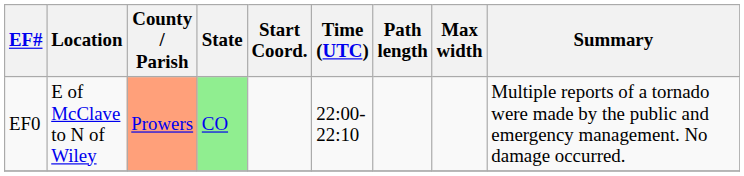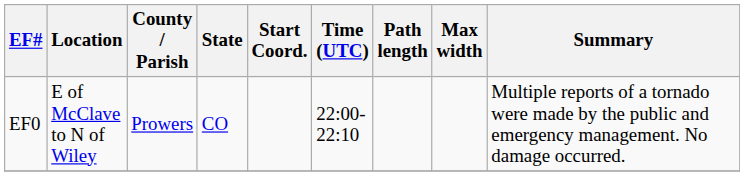 <table class="wikitable sortable" style="width:100%;">
 <tr>
 <th scope="col"  style="width:3%; text-align:center;"><a href='#'>EF#</a></th>
 <th scope="col"  style="width:7%; text-align:center;" class="unsortable">Location</th>
 <th scope="col"  style="width:6%; text-align:center;" class="unsortable">County / Parish</th>
 <th scope="col"  style="width:5%; text-align:center;">State</th>
 <th scope="col"  style="width:6%; text-align:center;">Start Coord.</th>
 <th scope="col"  style="width:6%; text-align:center;">Time (<a href='#'>UTC</a>)</th>
 <th scope="col"  style="width:6%; text-align:center;">Path length</th>
 <th scope="col"  style="width:6%; text-align:center;">Max width</th>
 <th scope="col" class="unsortable" style="width:48%; text-align:center;">Summary</th>
 </tr>
 <tr>
 <td>EF0</td>
 <td>E of <a href='#'>McClave</a> to N of <a href='#'>Wiley</a></td>
-<td style="background: lightsalmon;"><a href='#'>Prowers</a></td>
-<td style="background: lightgreen;"><a href='#'>CO</a></td>
+<td><a href='#'>Prowers</a></td>
+<td><a href='#'>CO</a></td>
 <td></td>
 <td>22:00-22:10</td>
 <td></td>
 <td></td>
 <td>Multiple reports of a tornado were made by the public and emergency management. No damage occurred.</td>
 </tr>
 <tr>
 </tr>
 </table>
